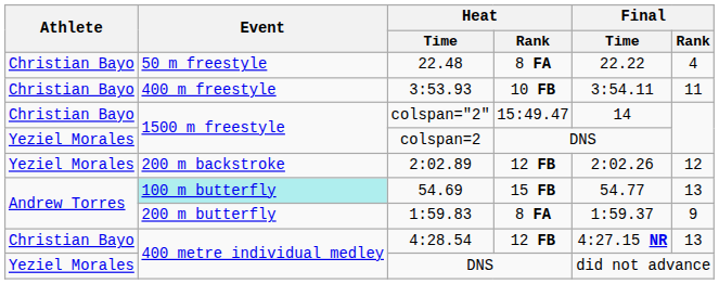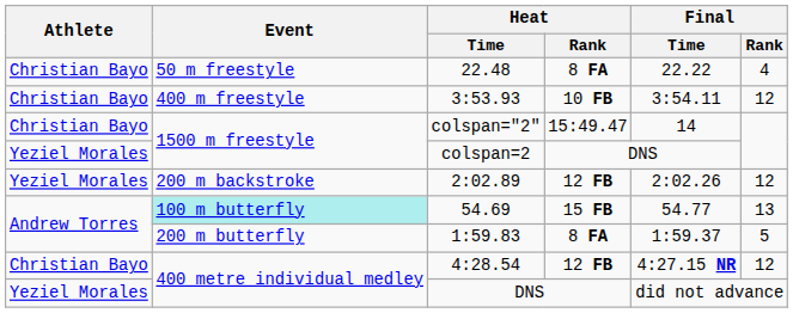 <table class=wikitable style="font-size:90%">
 <tr>
 <th rowspan="2">Athlete</th>
 <th rowspan="2">Event</th>
 <th colspan="2">Heat</th>
 <th colspan="2">Final</th>
 </tr>
 <tr style="font-size:95%">
 <th>Time</th>
 <th>Rank</th>
 <th>Time</th>
 <th>Rank</th>
 </tr>
 <tr align=center>
 <td align=left><a href='#'>Christian Bayo</a></td>
 <td align=left><a href='#'>50 m freestyle</a></td>
 <td>22.48</td>
 <td>8 <strong>FA</strong></td>
 <td>22.22</td>
 <td>4</td>
 </tr>
 <tr align=center>
 <td align=left><a href='#'>Christian Bayo</a></td>
 <td align=left><a href='#'>400 m freestyle</a></td>
 <td>3:53.93</td>
 <td>10 <strong>FB</strong></td>
 <td>3:54.11</td>
-<td>11</td>
+<td>12</td>
 </tr>
 <tr align=center>
 <td align=left><a href='#'>Christian Bayo</a></td>
 <td align=left rowspan="2"><a href='#'>1500 m freestyle</a></td>
 <td>colspan="2" </td>
 <td>15:49.47</td>
 <td>14</td>
 </tr>
 <tr align=center>
 <td align=left><a href='#'>Yeziel Morales</a></td>
 <td>colspan=2 </td>
 <td colspan=2>DNS</td>
 </tr>
 <tr align=center>
 <td align=left><a href='#'>Yeziel Morales</a></td>
 <td align=left><a href='#'>200 m backstroke</a></td>
 <td>2:02.89</td>
 <td>12 <strong>FB</strong></td>
 <td>2:02.26</td>
 <td>12</td>
 </tr>
 <tr align=center>
 <td align=left rowspan="2"><a href='#'>Andrew Torres</a></td>
 <td align=left style="background: paleturquoise;"><a href='#'>100 m butterfly</a></td>
 <td>54.69</td>
 <td>15 <strong>FB</strong></td>
 <td>54.77</td>
 <td>13</td>
 </tr>
 <tr align=center>
 <td align=left><a href='#'>200 m butterfly</a></td>
 <td>1:59.83</td>
 <td>8 <strong>FA</strong></td>
 <td>1:59.37</td>
-<td>9</td>
+<td>5</td>
 </tr>
 <tr align=center>
 <td align=left><a href='#'>Christian Bayo</a></td>
 <td align=left rowspan="2"><a href='#'>400 metre individual medley</a></td>
 <td>4:28.54</td>
 <td>12 <strong>FB</strong></td>
 <td>4:27.15 <strong><a href='#'>NR</a></strong></td>
-<td>13</td>
+<td>12</td>
 </tr>
 <tr align=center>
 <td align=left><a href='#'>Yeziel Morales</a></td>
 <td colspan=2>DNS</td>
 <td colspan=2>did not advance</td>
 </tr>
 </table>
